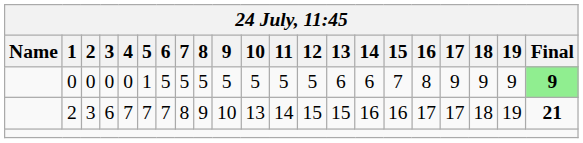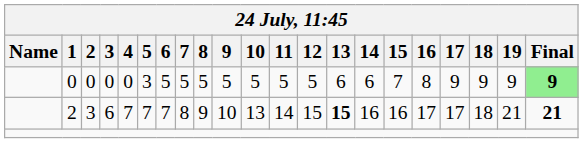 <table class=wikitable style="text-align:center; width: 55%">
 <tr>
 <th colspan=21><em>24 July, 11:45</em></th>
 </tr>
 <tr>
 <th>Name</th>
 <th>1</th>
 <th>2</th>
 <th>3</th>
 <th>4</th>
 <th>5</th>
 <th>6</th>
 <th>7</th>
 <th>8</th>
 <th>9</th>
 <th>10</th>
 <th>11</th>
 <th>12</th>
 <th>13</th>
 <th>14</th>
 <th>15</th>
 <th>16</th>
 <th>17</th>
 <th>18</th>
 <th>19</th>
 <th>Final</th>
 </tr>
 <tr>
 <td align=left></td>
 <td>0</td>
 <td>0</td>
 <td>0</td>
 <td>0</td>
-<td>1</td>
+<td>3</td>
 <td>5</td>
 <td>5</td>
 <td>5</td>
 <td>5</td>
 <td>5</td>
 <td>5</td>
 <td>5</td>
 <td>6</td>
 <td>6</td>
 <td>7</td>
 <td>8</td>
 <td>9</td>
 <td>9</td>
 <td>9</td>
 <td style="background: lightgreen;"><strong>9</strong></td>
 </tr>
 <tr>
 <td align=left><strong></strong></td>
 <td>2</td>
 <td>3</td>
 <td>6</td>
 <td>7</td>
 <td>7</td>
 <td>7</td>
 <td>8</td>
 <td>9</td>
 <td>10</td>
 <td>13</td>
 <td>14</td>
 <td>15</td>
-<td>15</td>
+<td><strong>15</strong></td>
 <td>16</td>
 <td>16</td>
 <td>17</td>
 <td>17</td>
 <td>18</td>
-<td>19</td>
+<td>21</td>
 <td><strong>21</strong></td>
 </tr>
 <tr>
 <td colspan=21></td>
 </tr>
 </table>
